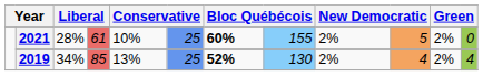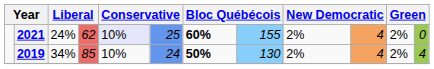 <table class="wikitable" style="width:400; font-size:90%; margin-left:1em;">
 <tr>
 <th colspan="2" scope="col">Year</th>
 <th colspan="2" scope="col"><a href='#'>Liberal</a></th>
 <th colspan="2" scope="col"><a href='#'>Conservative</a></th>
 <th colspan="2" scope="col"><a href='#'>Bloc Québécois</a></th>
 <th colspan="2" scope="col"><a href='#'>New Democratic</a></th>
 <th colspan="2" scope="col"><a href='#'>Green</a></th>
 </tr>
 <tr>
 <td rowspan="2" style="width: 0.25em; background-color: "></td>
 <th><a href='#'>2021</a></th>
-<td>28%</td>
-<td style="text-align:right; background:#EA6D6A;"><em>61</em></td>
-<td>10%</td>
+<td>24%</td>
+<td style="text-align:right; background:#EA6D6A;"><em>62</em></td>
+<td style="background: lavender;">10%</td>
 <td style="text-align:right; background:#6495ED;"><em>25</em></td>
 <td><strong>60%</strong></td>
 <td style="text-align:right; background:#87CEFA;"><em>155</em></td>
 <td>2%</td>
-<td style="text-align:right; background:#F4A460;"><em>5</em></td>
+<td style="text-align:right; background:#F4A460;"><em>4</em></td>
 <td>2%</td>
 <td style="text-align:right; background:#99C955;"><em>0</em></td>
 </tr>
 <tr>
 <th><a href='#'>2019</a></th>
 <td>34%</td>
 <td style="text-align:right; background:#EA6D6A;"><em>85</em></td>
-<td>13%</td>
-<td style="text-align:right; background:#6495ED;"><em>25</em></td>
-<td><strong>52%</strong></td>
+<td>10%</td>
+<td style="text-align:right; background:#6495ED;"><em>24</em></td>
+<td><strong>50%</strong></td>
 <td style="text-align:right; background:#87CEFA;"><em>130</em></td>
 <td>2%</td>
 <td style="text-align:right; background:#F4A460;"><em>4</em></td>
 <td>2%</td>
 <td style="text-align:right; background:#99C955;"><em>4</em></td>
 </tr>
 <tr>
 </tr>
 </table>
